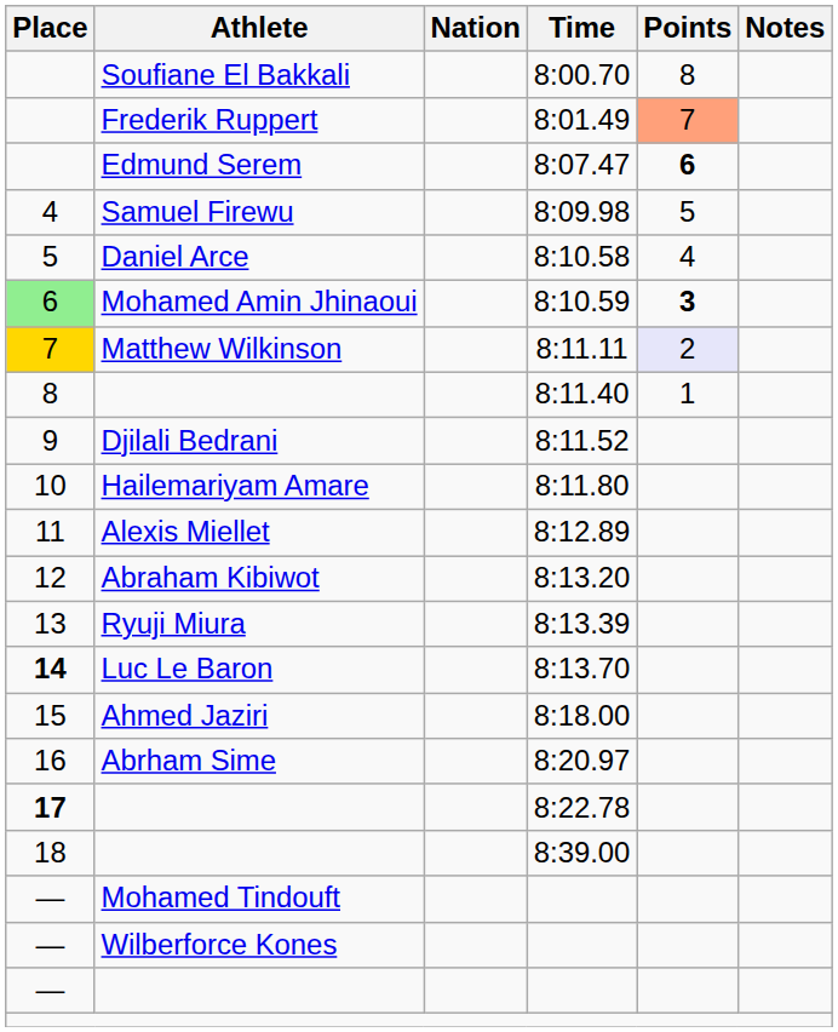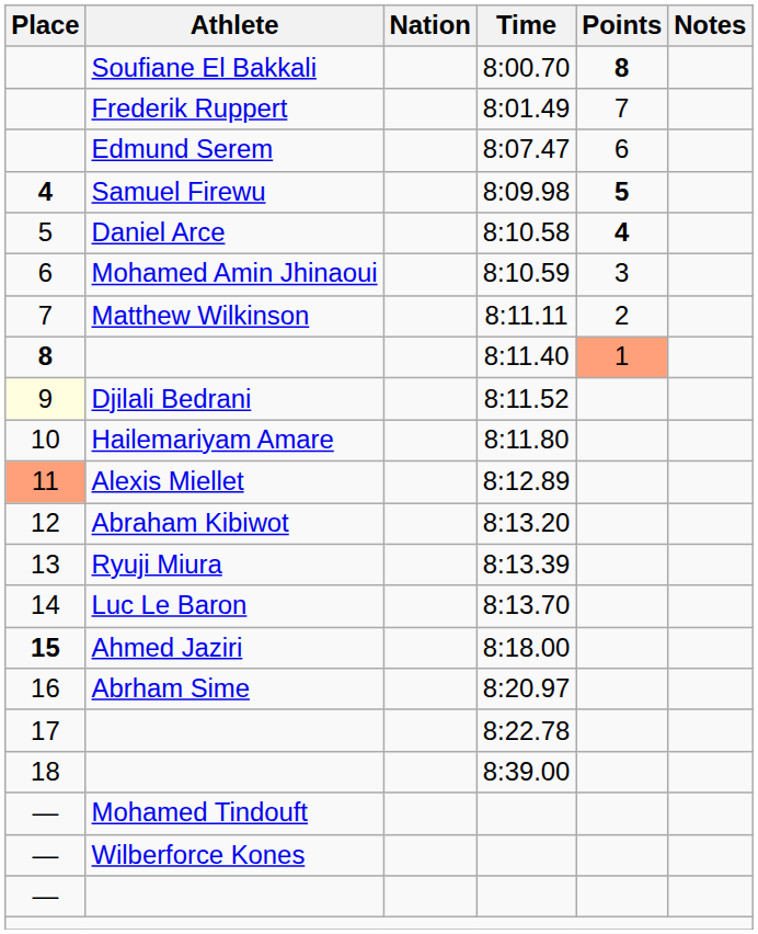 <table class="wikitable mw-datatable sortable" style="text-align:center;">
 <tr>
 <th scope="col">Place</th>
 <th scope="col">Athlete</th>
 <th scope="col">Nation</th>
 <th scope="col">Time</th>
 <th scope="col">Points</th>
 <th scope="col">Notes</th>
 </tr>
 <tr>
 <td></td>
 <td align="left"><a href='#'>Soufiane El Bakkali</a></td>
 <td align="left"></td>
 <td>8:00.70</td>
-<td>8</td>
+<td><strong>8</strong></td>
 <td></td>
 </tr>
 <tr>
 <td></td>
 <td align="left"><a href='#'>Frederik Ruppert</a></td>
 <td align="left"></td>
 <td>8:01.49</td>
-<td style="background: lightsalmon;">7</td>
+<td>7</td>
 <td><strong></strong></td>
 </tr>
 <tr>
 <td></td>
 <td align="left"><a href='#'>Edmund Serem</a></td>
 <td align="left"></td>
 <td>8:07.47</td>
-<td><strong>6</strong></td>
+<td>6</td>
 <td></td>
 </tr>
 <tr>
-<td>4</td>
+<td><strong>4</strong></td>
 <td align="left"><a href='#'>Samuel Firewu</a></td>
 <td align="left"></td>
 <td>8:09.98</td>
-<td>5</td>
+<td><strong>5</strong></td>
 <td></td>
 </tr>
 <tr>
 <td>5</td>
 <td align="left"><a href='#'>Daniel Arce</a></td>
 <td align="left"></td>
 <td>8:10.58</td>
-<td>4</td>
+<td><strong>4</strong></td>
 <td></td>
 </tr>
 <tr>
-<td style="background: lightgreen;">6</td>
+<td>6</td>
 <td align="left"><a href='#'>Mohamed Amin Jhinaoui</a></td>
 <td align="left"></td>
 <td>8:10.59</td>
-<td><strong>3</strong></td>
+<td>3</td>
 <td></td>
 </tr>
 <tr>
-<td style="background: gold;">7</td>
+<td>7</td>
 <td align="left"><a href='#'>Matthew Wilkinson</a></td>
 <td align="left"></td>
 <td>8:11.11</td>
-<td style="background: lavender;">2</td>
+<td>2</td>
 <td></td>
 </tr>
 <tr>
-<td>8</td>
+<td><strong>8</strong></td>
 <td align="left"></td>
 <td align="left"></td>
 <td>8:11.40</td>
-<td>1</td>
+<td style="background: lightsalmon;">1</td>
 <td></td>
 </tr>
 <tr>
-<td>9</td>
+<td style="background: lightyellow;">9</td>
 <td align="left"><a href='#'>Djilali Bedrani</a></td>
 <td align="left"></td>
 <td>8:11.52</td>
 <td></td>
 <td></td>
 </tr>
 <tr>
 <td>10</td>
 <td align="left"><a href='#'>Hailemariyam Amare</a></td>
 <td align="left"></td>
 <td>8:11.80</td>
 <td></td>
 <td></td>
 </tr>
 <tr>
-<td>11</td>
+<td style="background: lightsalmon;">11</td>
 <td align="left"><a href='#'>Alexis Miellet</a></td>
 <td align="left"></td>
 <td>8:12.89</td>
 <td></td>
 <td></td>
 </tr>
 <tr>
 <td>12</td>
 <td align="left"><a href='#'>Abraham Kibiwot</a></td>
 <td align="left"></td>
 <td>8:13.20</td>
 <td></td>
 <td></td>
 </tr>
 <tr>
 <td>13</td>
 <td align="left"><a href='#'>Ryuji Miura</a></td>
 <td align="left"></td>
 <td>8:13.39</td>
 <td></td>
 <td></td>
 </tr>
 <tr>
-<td><strong>14</strong></td>
+<td>14</td>
 <td align="left"><a href='#'>Luc Le Baron</a></td>
 <td align="left"></td>
 <td>8:13.70</td>
 <td></td>
 <td></td>
 </tr>
 <tr>
-<td>15</td>
+<td><strong>15</strong></td>
 <td align="left"><a href='#'>Ahmed Jaziri</a></td>
 <td align="left"></td>
 <td>8:18.00</td>
 <td></td>
 <td></td>
 </tr>
 <tr>
 <td>16</td>
 <td align="left"><a href='#'>Abrham Sime</a></td>
 <td align="left"></td>
 <td>8:20.97</td>
 <td></td>
 <td></td>
 </tr>
 <tr>
-<td><strong>17</strong></td>
+<td>17</td>
 <td align="left"></td>
 <td align="left"></td>
 <td>8:22.78</td>
 <td></td>
 <td></td>
 </tr>
 <tr>
 <td>18</td>
 <td align="left"></td>
 <td align="left"></td>
 <td>8:39.00</td>
 <td></td>
 <td></td>
 </tr>
 <tr>
 <td>—</td>
 <td align="left"><a href='#'>Mohamed Tindouft</a></td>
 <td align="left"></td>
 <td></td>
 <td></td>
 <td></td>
 </tr>
 <tr>
 <td>—</td>
 <td align="left"><a href='#'>Wilberforce Kones</a></td>
 <td align="left"></td>
 <td></td>
 <td></td>
 <td></td>
 </tr>
 <tr>
 <td>—</td>
 <td align="left"></td>
 <td align="left"></td>
 <td></td>
 <td></td>
 <td></td>
 </tr>
 <tr class="sortbottom">
 <td colspan="6"></td>
 </tr>
 </table>
